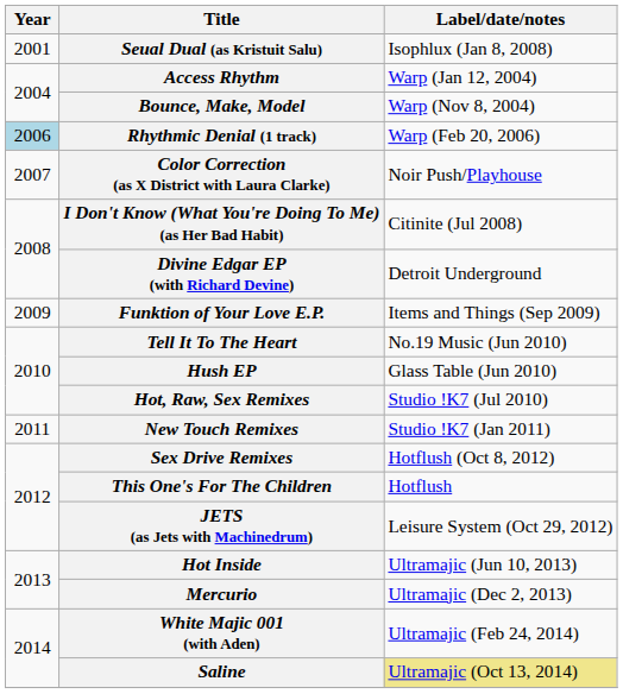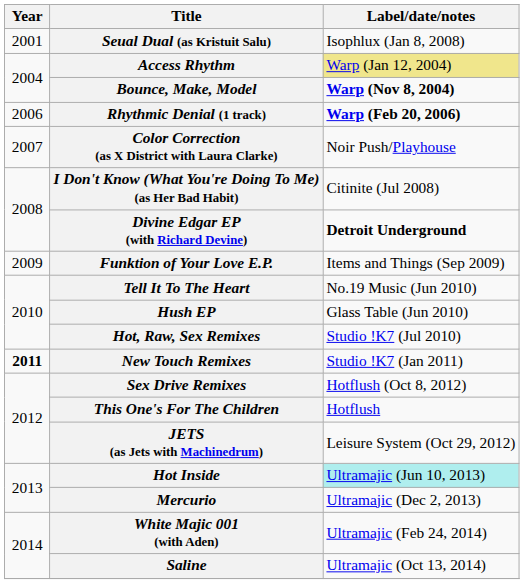 <table class="wikitable plainrowheaders" style="text-align:center;">
 <tr>
 <th scope="col" rowspan="1" style="width:2.5em;">Year</th>
 <th scope="col" rowspan="1">Title</th>
 <th scope="col" rowspan="1">Label/date/notes</th>
 </tr>
 <tr>
 <td rowspan="1">2001</td>
 <th scope="row"><em>Seual Dual</em> <small>(as Kristuit Salu)</small></th>
 <td align=left>Isophlux (Jan 8, 2008)</td>
 </tr>
 <tr>
 <td rowspan="2">2004</td>
 <th scope="row"><em>Access Rhythm</em></th>
-<td align=left><a href='#'>Warp</a> (Jan 12, 2004)</td>
+<td align=left style="background: khaki;"><a href='#'>Warp</a> (Jan 12, 2004)</td>
 </tr>
 <tr>
 <th scope="row"><em>Bounce, Make, Model</em></th>
-<td align=left><a href='#'>Warp</a> (Nov 8, 2004)</td>
+<td align=left><strong><a href='#'>Warp</a> (Nov 8, 2004)</strong></td>
 </tr>
 <tr>
-<td rowspan="1" style="background: lightblue;">2006</td>
+<td rowspan="1">2006</td>
 <th scope="row"><em>Rhythmic Denial</em> <small>(1 track)</small></th>
-<td align=left><a href='#'>Warp</a> (Feb 20, 2006)</td>
+<td align=left><strong><a href='#'>Warp</a> (Feb 20, 2006)</strong></td>
 </tr>
 <tr>
 <td rowspan="1">2007</td>
 <th scope="row"><em>Color Correction</em><br><small>(as X District with Laura Clarke)</small></th>
 <td align=left>Noir Push/<a href='#'>Playhouse</a></td>
 </tr>
 <tr>
 <td rowspan="2">2008</td>
 <th scope="row"><em>I Don't Know (What You're Doing To Me)</em><br><small>(as Her Bad Habit)</small></th>
 <td align=left>Citinite (Jul 2008)</td>
 </tr>
 <tr>
 <th scope="row"><em>Divine Edgar EP</em><br><small>(with <a href='#'>Richard Devine</a>)</small></th>
-<td align=left>Detroit Underground</td>
+<td align=left><strong>Detroit Underground</strong></td>
 </tr>
 <tr>
 <td rowspan="1">2009</td>
 <th scope="row"><em>Funktion of Your Love E.P.</em></th>
 <td align=left>Items and Things (Sep 2009)</td>
 </tr>
 <tr>
 <td rowspan="3">2010</td>
 <th scope="row"><em>Tell It To The Heart</em></th>
 <td align=left>No.19 Music (Jun 2010)</td>
 </tr>
 <tr>
 <th scope="row"><em>Hush EP</em></th>
 <td align=left>Glass Table (Jun 2010)</td>
 </tr>
 <tr>
 <th scope="row"><em>Hot, Raw, Sex Remixes</em></th>
 <td align=left><a href='#'>Studio !K7</a> (Jul 2010)</td>
 </tr>
 <tr>
-<td rowspan="1">2011</td>
+<td rowspan="1"><strong>2011</strong></td>
 <th scope="row"><em>New Touch Remixes </em></th>
 <td align=left><a href='#'>Studio !K7</a> (Jan 2011)</td>
 </tr>
 <tr>
 <td rowspan="3">2012</td>
 <th scope="row"><em>Sex Drive Remixes</em></th>
 <td align=left><a href='#'>Hotflush</a> (Oct 8, 2012)</td>
 </tr>
 <tr>
 <th scope="row"><em>This One's For The Children </em></th>
 <td align=left><a href='#'>Hotflush</a></td>
 </tr>
 <tr>
 <th scope="row"><em>JETS</em><br><small>(as Jets with <a href='#'>Machinedrum</a>)</small></th>
 <td align=left>Leisure System (Oct 29, 2012)</td>
 </tr>
 <tr>
 <td rowspan="2">2013</td>
 <th scope="row"><em> Hot Inside</em></th>
-<td align=left><a href='#'>Ultramajic</a> (Jun 10, 2013)</td>
+<td align=left style="background: paleturquoise;"><a href='#'>Ultramajic</a> (Jun 10, 2013)</td>
 </tr>
 <tr>
 <th scope="row"><em> Mercurio </em></th>
 <td align=left><a href='#'>Ultramajic</a> (Dec 2, 2013)</td>
 </tr>
 <tr>
 <td rowspan="2">2014</td>
 <th scope="row"><em> White Majic 001 </em><br><small>(with Aden)</small></th>
 <td align=left><a href='#'>Ultramajic</a> (Feb 24, 2014)</td>
 </tr>
 <tr>
 <th scope="row"><em>Saline</em></th>
-<td align=left style="background: khaki;"><a href='#'>Ultramajic</a>  (Oct 13, 2014)</td>
+<td align=left><a href='#'>Ultramajic</a>  (Oct 13, 2014)</td>
 </tr>
 <tr>
 </tr>
 </table>
